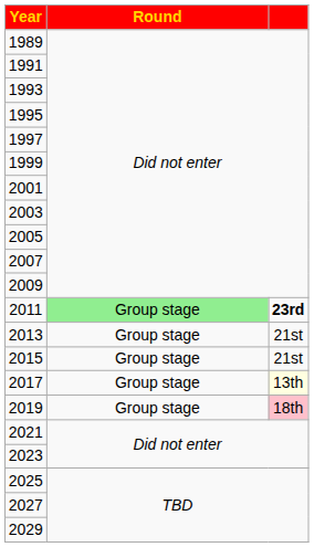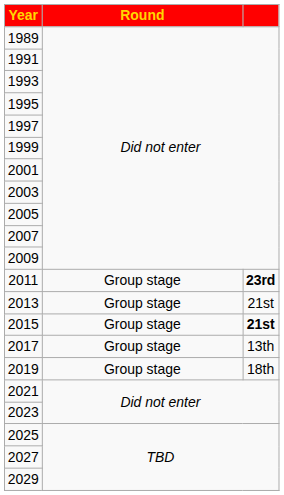 <table class="wikitable" style="text-align: center; font-size:90%">
 <tr style="color:gold;">
 <th style="background:#FF0000;">Year</th>
 <th style="background:#FF0000; width:200px">Round</th>
 <th style="background:#FF0000;"></th>
 </tr>
 <tr>
 <td>1989</td>
 <td colspan="2" rowspan="11"><em>Did not enter</em></td>
 </tr>
 <tr>
 <td>1991</td>
 </tr>
 <tr>
 <td>1993</td>
 </tr>
 <tr>
 <td>1995</td>
 </tr>
 <tr>
 <td>1997</td>
 </tr>
 <tr>
 <td>1999</td>
 </tr>
 <tr>
 <td>2001</td>
 </tr>
 <tr>
 <td>2003</td>
 </tr>
 <tr>
 <td>2005</td>
 </tr>
 <tr>
 <td>2007</td>
 </tr>
 <tr>
 <td>2009</td>
 </tr>
 <tr>
 <td>2011</td>
-<td style="background: lightgreen;">Group stage</td>
+<td>Group stage</td>
 <td><strong>23rd</strong></td>
 </tr>
 <tr>
 <td>2013</td>
 <td>Group stage</td>
 <td>21st</td>
 </tr>
 <tr>
 <td>2015</td>
 <td>Group stage</td>
-<td>21st</td>
+<td><strong>21st</strong></td>
 </tr>
 <tr>
 <td>2017</td>
 <td>Group stage</td>
-<td style="background: lightyellow;">13th</td>
+<td>13th</td>
 </tr>
 <tr>
 <td>2019</td>
 <td>Group stage</td>
-<td style="background: pink;">18th</td>
+<td>18th</td>
 </tr>
 <tr>
 <td>2021</td>
 <td colspan="2" rowspan="2"><em>Did not enter</em></td>
 </tr>
 <tr>
 <td>2023</td>
 </tr>
 <tr>
 <td>2025</td>
 <td colspan="2" rowspan="3"><em>TBD</em></td>
 </tr>
 <tr>
 <td>2027</td>
 </tr>
 <tr>
 <td>2029</td>
 </tr>
 </table>
